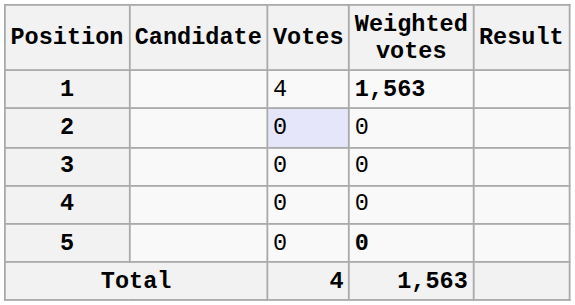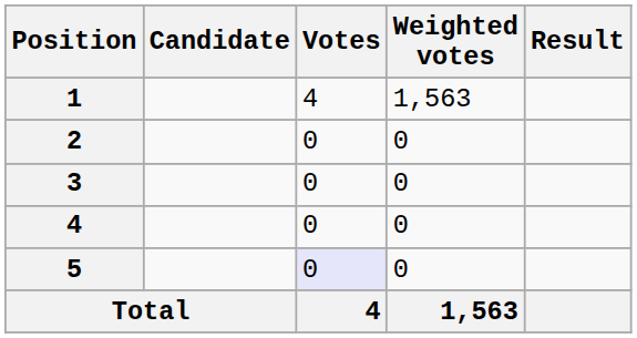 <table class="wikitable sortable col3right col4right">
 <tr>
 <th scope="col">Position</th>
 <th scope="col">Candidate</th>
 <th scope="col">Votes</th>
 <th scope="col">Weighted<br>votes</th>
 <th scope="col">Result</th>
 </tr>
 <tr>
 <th scope="row">1</th>
 <td></td>
 <td>4</td>
-<td><strong>1,563</strong></td>
+<td>1,563</td>
 <td></td>
 </tr>
 <tr>
 <th scope="row">2</th>
 <td></td>
-<td style="background: lavender;">0</td>
+<td>0</td>
 <td>0</td>
 <td></td>
 </tr>
 <tr>
 <th scope="row">3</th>
 <td></td>
 <td>0</td>
 <td>0</td>
 <td></td>
 </tr>
 <tr>
 <th scope="row">4</th>
 <td></td>
 <td>0</td>
 <td>0</td>
 <td></td>
 </tr>
 <tr>
 <th scope="row">5</th>
 <td></td>
+<td style="background: lavender;">0</td>
 <td>0</td>
-<td><strong>0</strong></td>
 <td></td>
 </tr>
 <tr class="sortbottom">
 <th scope="row" colspan="2">Total</th>
 <th style="text-align:right">4</th>
 <th style="text-align:right">1,563</th>
 <th></th>
 </tr>
 </table>
